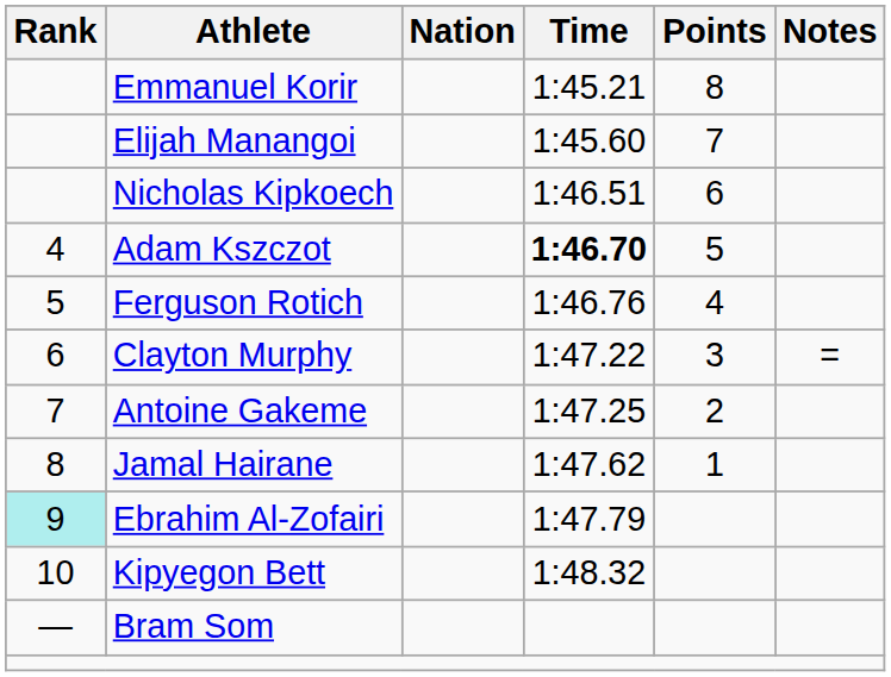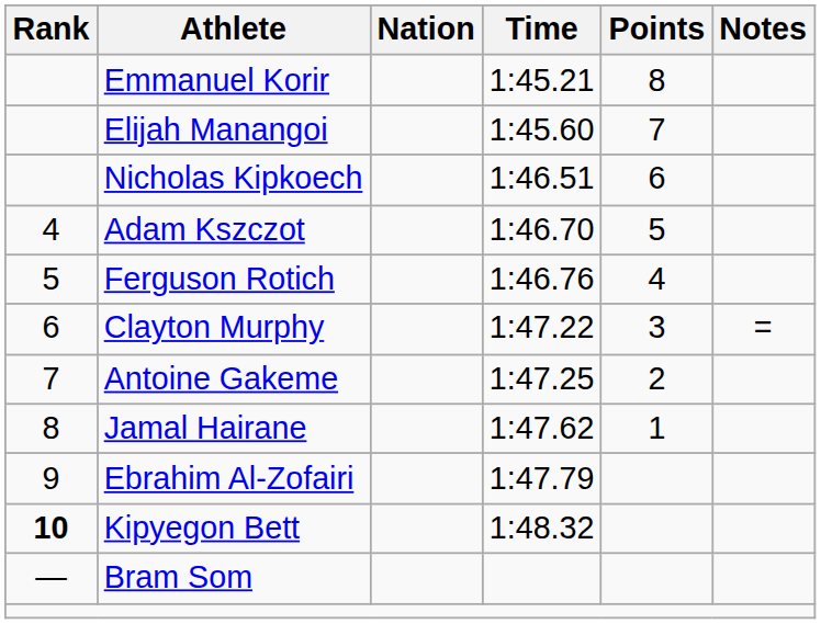 <table class="wikitable sortable" style="text-align:center;">
 <tr>
 <th scope="col" style="width: 10px;">Rank</th>
 <th scope="col">Athlete</th>
 <th scope="col">Nation</th>
 <th scope="col">Time</th>
 <th scope="col">Points</th>
 <th scope="col">Notes</th>
 </tr>
 <tr>
 <td></td>
 <td align=left><a href='#'>Emmanuel Korir</a></td>
 <td align=left></td>
 <td>1:45.21</td>
 <td>8</td>
 <td></td>
 </tr>
 <tr>
 <td></td>
 <td align=left><a href='#'>Elijah Manangoi</a></td>
 <td align=left></td>
 <td>1:45.60</td>
 <td>7</td>
 <td></td>
 </tr>
 <tr>
 <td></td>
 <td align=left><a href='#'>Nicholas Kipkoech</a></td>
 <td align=left></td>
 <td>1:46.51</td>
 <td>6</td>
 <td></td>
 </tr>
 <tr>
 <td>4</td>
 <td align=left><a href='#'>Adam Kszczot</a></td>
 <td align=left></td>
-<td><strong>1:46.70</strong></td>
+<td>1:46.70</td>
 <td>5</td>
 <td></td>
 </tr>
 <tr>
 <td>5</td>
 <td align=left><a href='#'>Ferguson Rotich</a></td>
 <td align=left></td>
 <td>1:46.76</td>
 <td>4</td>
 <td></td>
 </tr>
 <tr>
 <td>6</td>
 <td align=left><a href='#'>Clayton Murphy</a></td>
 <td align=left></td>
 <td>1:47.22</td>
 <td>3</td>
 <td>=</td>
 </tr>
 <tr>
 <td>7</td>
 <td align=left><a href='#'>Antoine Gakeme</a></td>
 <td align=left></td>
 <td>1:47.25</td>
 <td>2</td>
 <td></td>
 </tr>
 <tr>
 <td>8</td>
 <td align=left><a href='#'>Jamal Hairane</a></td>
 <td align=left></td>
 <td>1:47.62</td>
 <td>1</td>
 <td></td>
 </tr>
 <tr>
-<td style="background: paleturquoise;">9</td>
+<td>9</td>
 <td align=left><a href='#'>Ebrahim Al-Zofairi</a></td>
 <td align=left></td>
 <td>1:47.79</td>
 <td></td>
 <td></td>
 </tr>
 <tr>
-<td>10</td>
+<td><strong>10</strong></td>
 <td align=left><a href='#'>Kipyegon Bett</a></td>
 <td align=left></td>
 <td>1:48.32</td>
 <td></td>
 <td></td>
 </tr>
 <tr>
 <td>—</td>
 <td align=left><a href='#'>Bram Som</a></td>
 <td align=left></td>
 <td></td>
 <td></td>
 <td></td>
 </tr>
 <tr class="sortbottom">
 <td colspan=6></td>
 </tr>
 </table>
